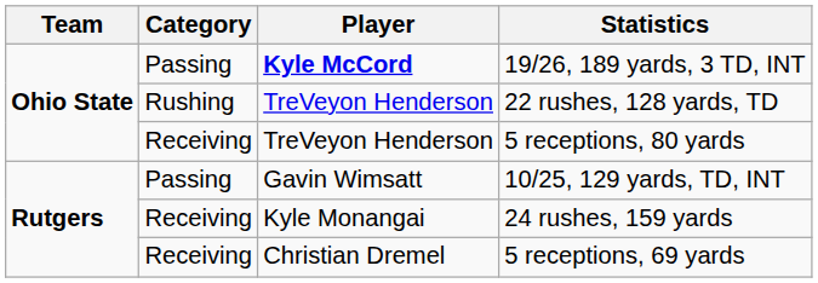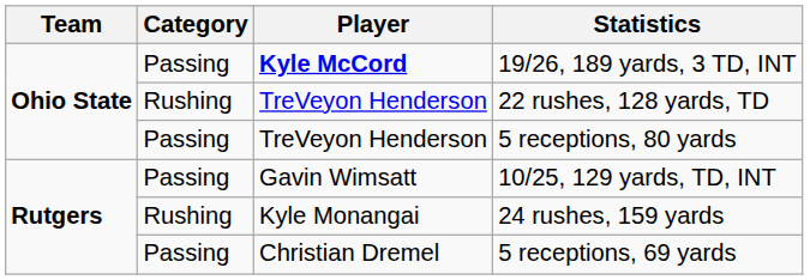 <table class="wikitable" style="float: left;">
 <tr>
 <th>Team</th>
 <th>Category</th>
 <th>Player</th>
 <th>Statistics</th>
 </tr>
 <tr>
 <td rowspan=3><strong>Ohio State</strong></td>
 <td>Passing</td>
 <td><strong><a href='#'>Kyle McCord</a></strong></td>
 <td>19/26, 189 yards, 3 TD, INT</td>
 </tr>
 <tr>
 <td>Rushing</td>
 <td><a href='#'>TreVeyon Henderson</a></td>
 <td>22 rushes, 128 yards, TD</td>
 </tr>
 <tr>
-<td>Receiving</td>
+<td>Passing</td>
 <td>TreVeyon Henderson</td>
 <td>5 receptions, 80 yards</td>
 </tr>
 <tr>
 <td rowspan=3><strong>Rutgers</strong></td>
 <td>Passing</td>
 <td>Gavin Wimsatt</td>
 <td>10/25, 129 yards, TD, INT</td>
 </tr>
 <tr>
-<td>Receiving</td>
+<td>Rushing</td>
 <td>Kyle Monangai</td>
 <td>24 rushes, 159 yards</td>
 </tr>
 <tr>
-<td>Receiving</td>
+<td>Passing</td>
 <td>Christian Dremel</td>
 <td>5 receptions, 69 yards</td>
 </tr>
 </table>
